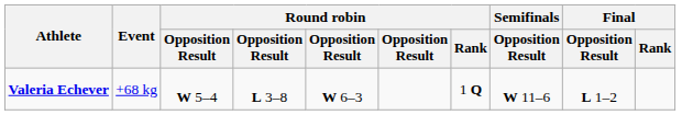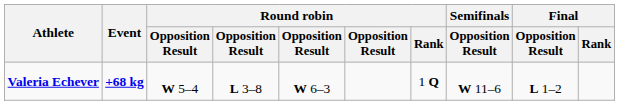 <table class=wikitable style=font-size:90%;text-align:center>
 <tr>
 <th rowspan=2>Athlete</th>
 <th rowspan=2>Event</th>
 <th colspan=5>Round robin</th>
 <th>Semifinals</th>
 <th colspan=2>Final</th>
 </tr>
 <tr style=font-size:95%>
 <th>Opposition<br>Result</th>
 <th>Opposition<br>Result</th>
 <th>Opposition<br>Result</th>
 <th>Opposition<br>Result</th>
 <th>Rank</th>
 <th>Opposition<br>Result</th>
 <th>Opposition<br>Result</th>
 <th>Rank</th>
 </tr>
 <tr align=center>
 <td align=left><strong><a href='#'>Valeria Echever</a></strong></td>
-<td><a href='#'>+68 kg</a></td>
+<td><strong><a href='#'>+68 kg</a></strong></td>
 <td><br><strong>W</strong> 5–4</td>
 <td><br><strong>L</strong> 3–8</td>
 <td><br><strong>W</strong> 6–3</td>
 <td></td>
 <td>1 <strong>Q</strong></td>
 <td><br><strong>W</strong> 11–6</td>
 <td><br><strong>L</strong> 1–2</td>
 <td></td>
 </tr>
 </table>
